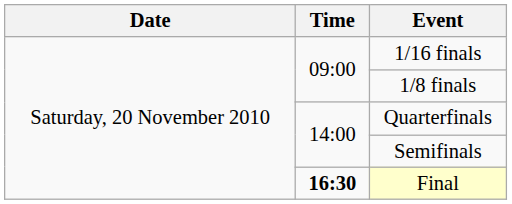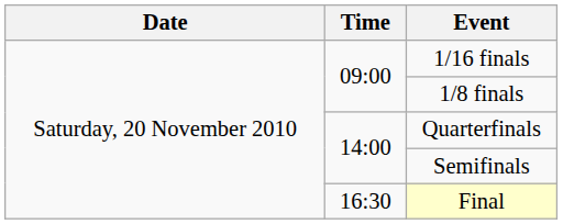 <table class = "wikitable" style="text-align:center;">
 <tr>
 <th width=220>Date</th>
 <th width=50>Time</th>
 <th width=100>Event</th>
 </tr>
 <tr>
 <td rowspan=5>Saturday, 20 November 2010</td>
 <td rowspan=2>09:00</td>
 <td>1/16 finals</td>
 </tr>
 <tr>
 <td>1/8 finals</td>
 </tr>
 <tr>
 <td rowspan=2>14:00</td>
 <td>Quarterfinals</td>
 </tr>
 <tr>
 <td>Semifinals</td>
 </tr>
 <tr>
-<td><strong>16:30</strong></td>
+<td>16:30</td>
 <td bgcolor=ffffcc>Final</td>
 </tr>
 </table>
